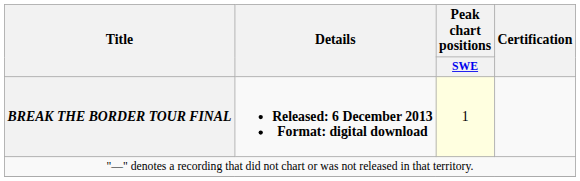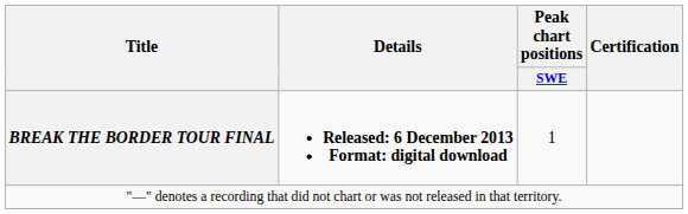 <table class="wikitable plainrowheaders" style="text-align:center;">
 <tr>
 <th scope="col" rowspan="2">Title</th>
 <th scope="col" rowspan="2">Details</th>
 <th scope="col">Peak chart positions</th>
 <th scope="col" rowspan="2">Certification</th>
 </tr>
 <tr>
 <th scope="col" style="width:3em;font-size:85%;"><a href='#'>SWE</a><br></th>
 </tr>
 <tr>
 <th scope="row"><em>BREAK THE BORDER TOUR FINAL</em></th>
 <td><strong><br><ul><li>Released: 6 December 2013</li><li>Format: digital download</li></ul></strong></td>
-<td style="background: lightyellow;">1</td>
+<td>1</td>
 <td></td>
 </tr>
 <tr>
 <td colspan="10" style="font-size:85%">"—" denotes a recording that did not chart or was not released in that territory.</td>
 </tr>
 <tr>
 </tr>
 </table>
